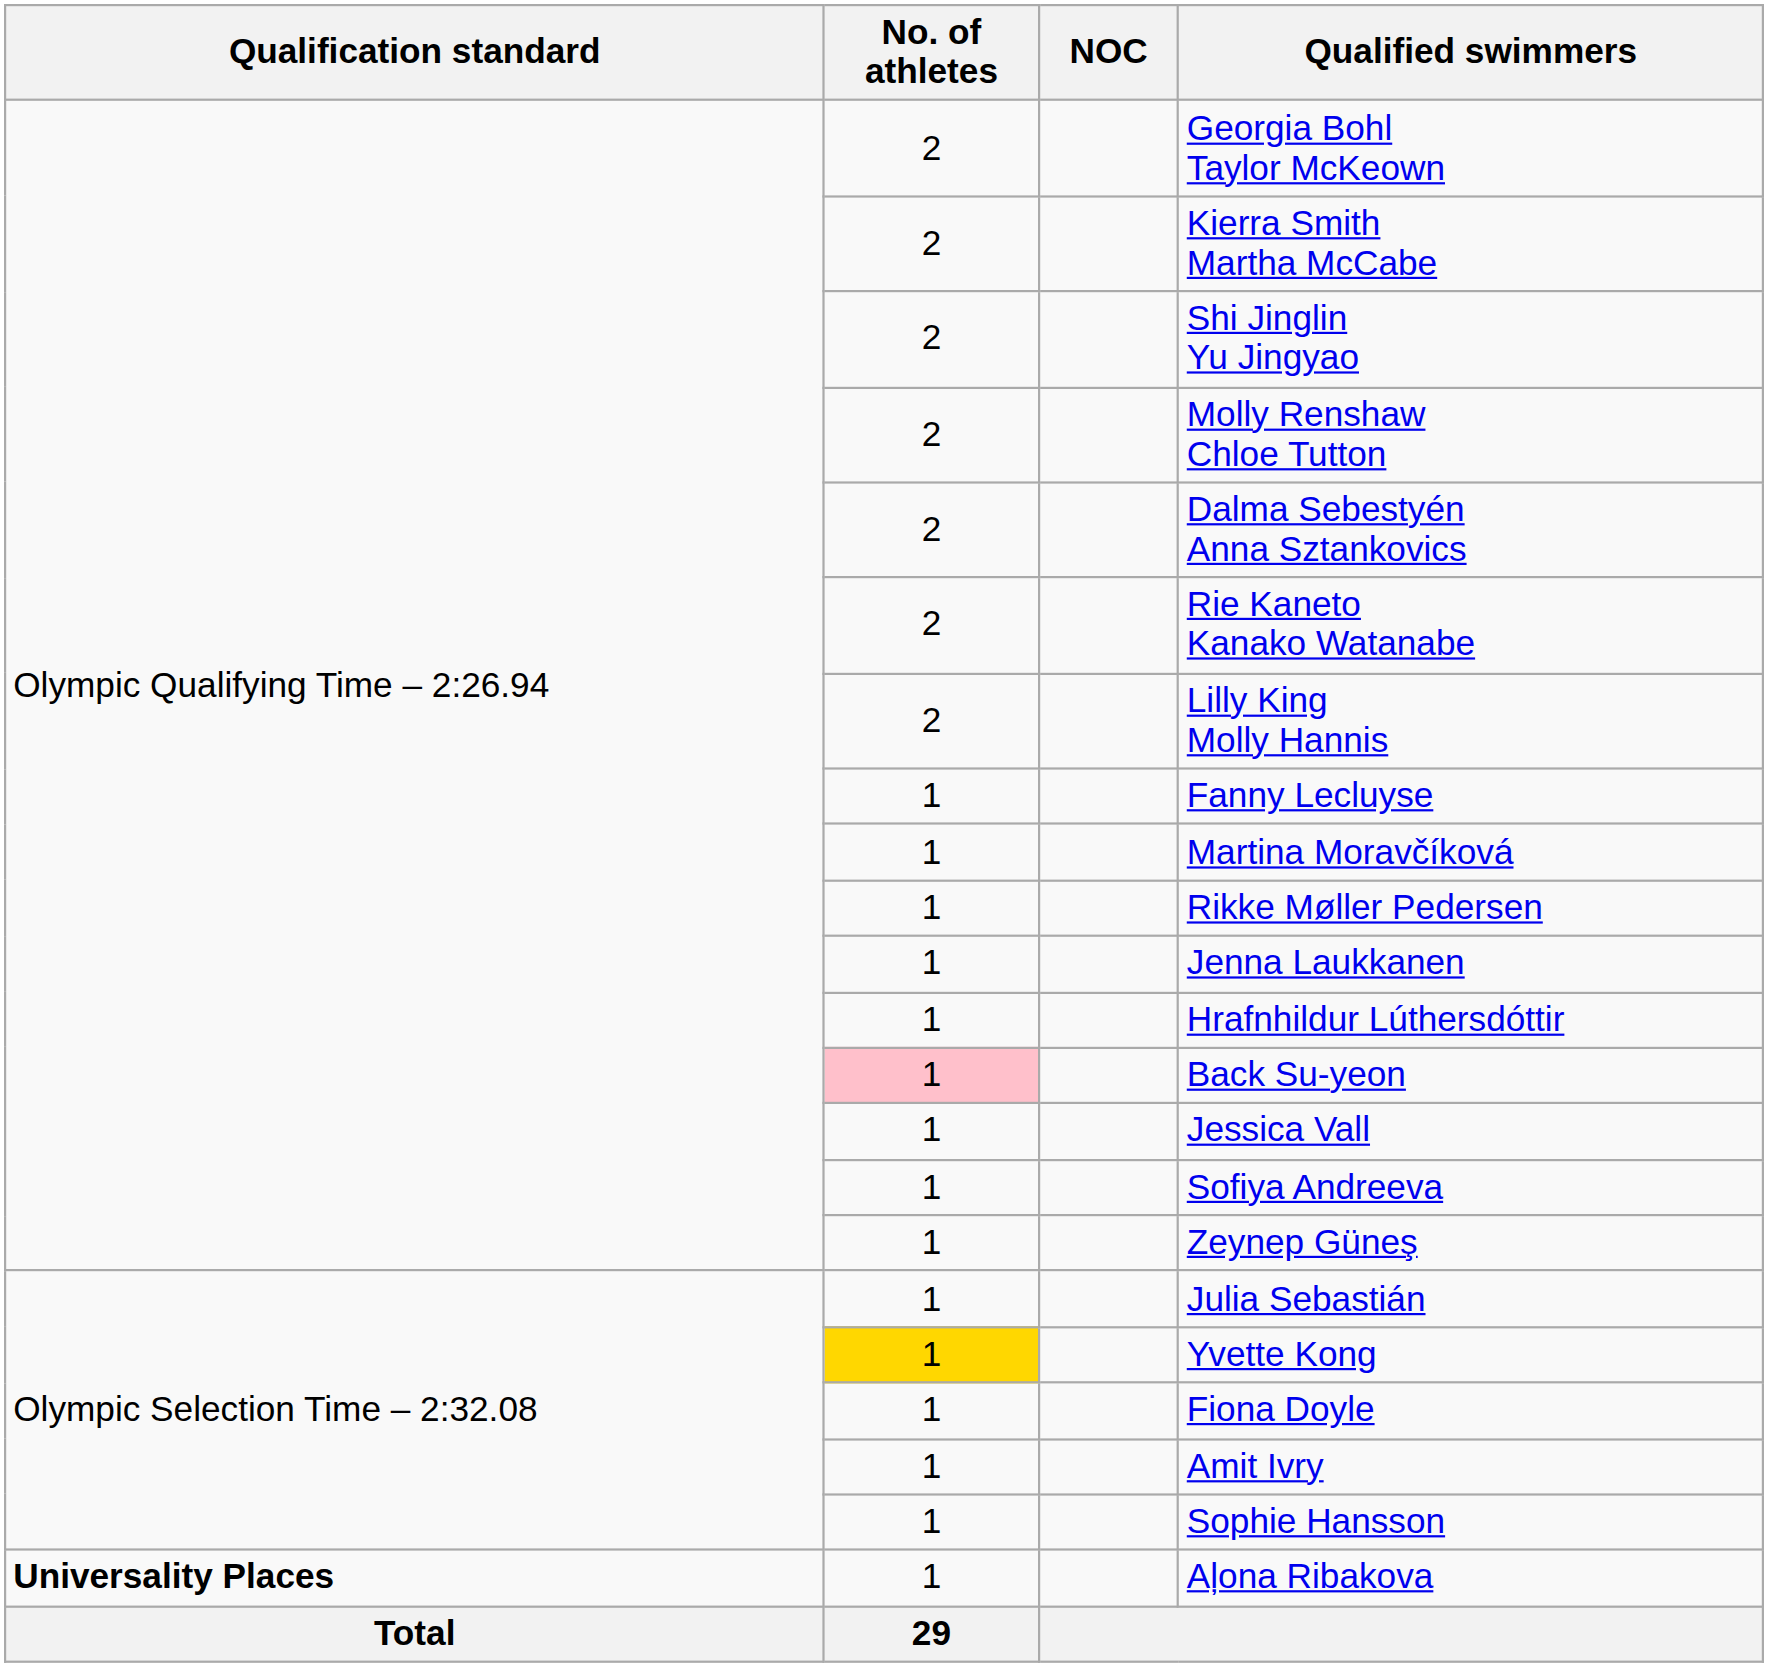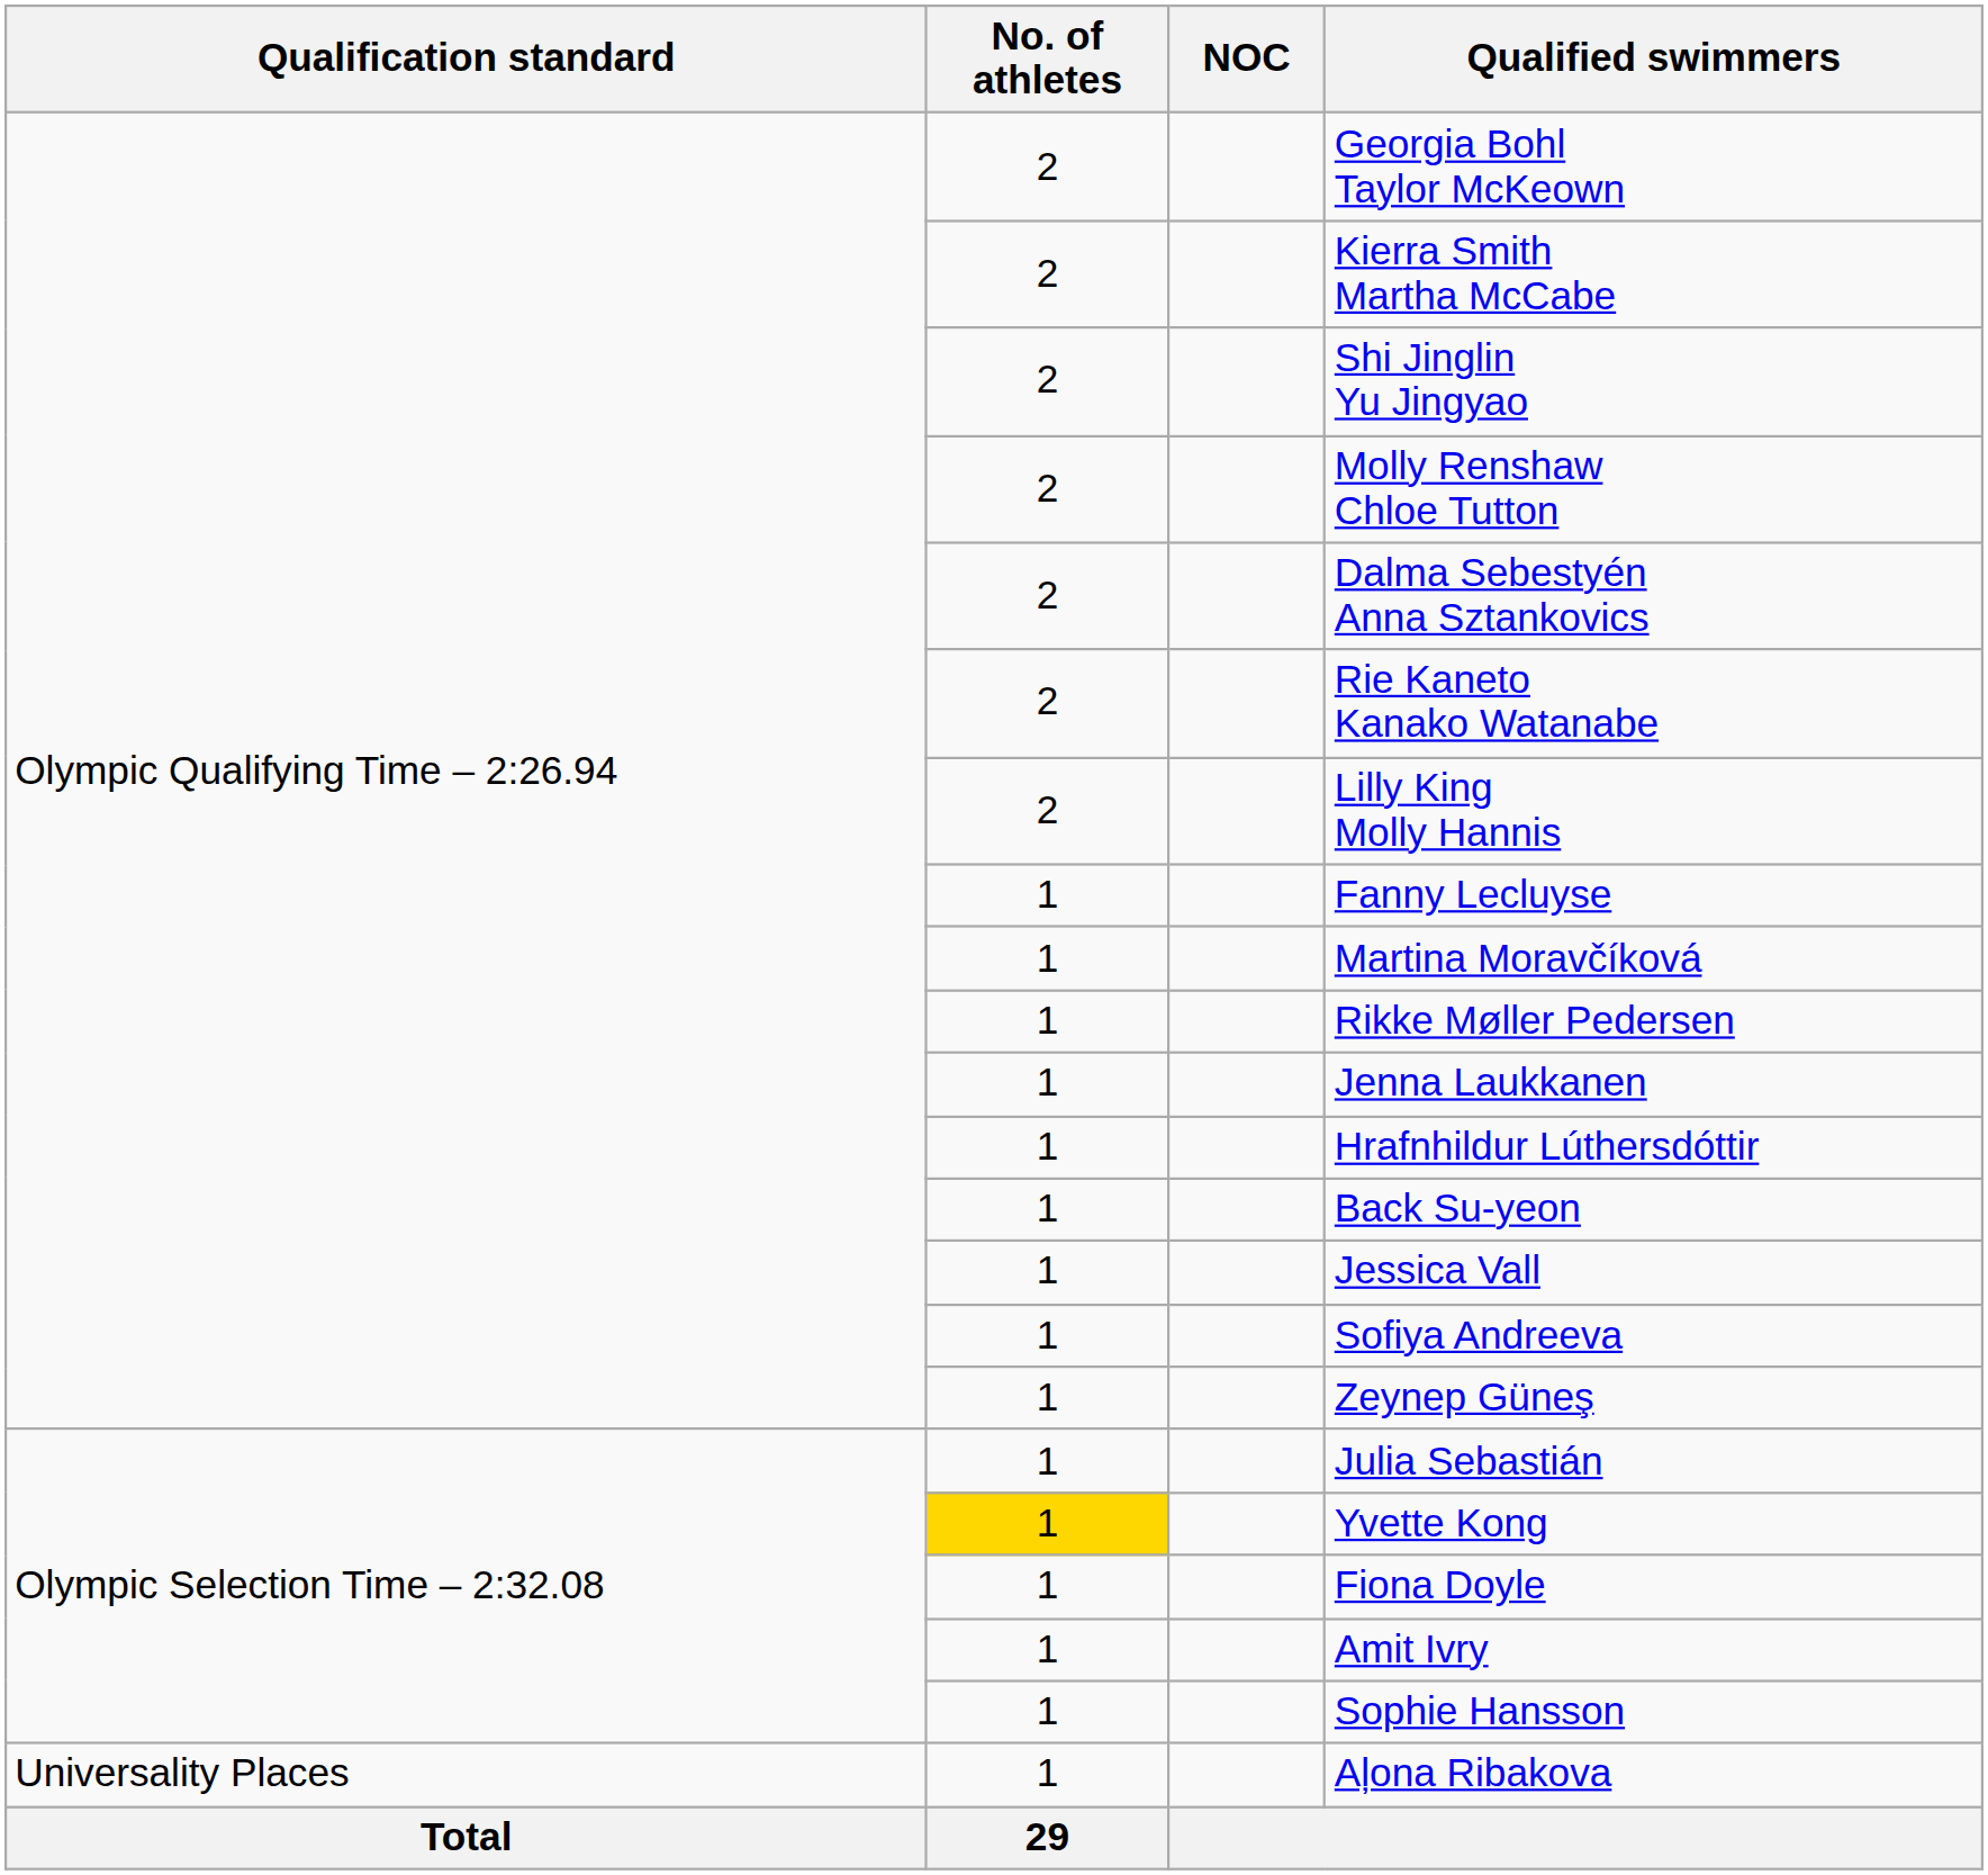 <table class=wikitable style="text-align:left" width=800>
 <tr>
 <th>Qualification standard</th>
 <th width=90>No. of athletes</th>
 <th>NOC</th>
 <th>Qualified swimmers</th>
 </tr>
 <tr>
 <td rowspan=16>Olympic Qualifying Time – 2:26.94</td>
 <td align=center>2</td>
 <td></td>
 <td><a href='#'>Georgia Bohl</a><br><a href='#'>Taylor McKeown</a></td>
 </tr>
 <tr>
 <td align=center>2</td>
 <td></td>
 <td><a href='#'>Kierra Smith</a><br><a href='#'>Martha McCabe</a></td>
 </tr>
 <tr>
 <td align=center>2</td>
 <td></td>
 <td><a href='#'>Shi Jinglin</a><br><a href='#'>Yu Jingyao</a></td>
 </tr>
 <tr>
 <td align=center>2</td>
 <td></td>
 <td><a href='#'>Molly Renshaw</a><br><a href='#'>Chloe Tutton</a></td>
 </tr>
 <tr>
 <td align=center>2</td>
 <td></td>
 <td><a href='#'>Dalma Sebestyén</a><br><a href='#'>Anna Sztankovics</a></td>
 </tr>
 <tr>
 <td align=center>2</td>
 <td></td>
 <td><a href='#'>Rie Kaneto</a><br><a href='#'>Kanako Watanabe</a></td>
 </tr>
 <tr>
 <td align=center>2</td>
 <td></td>
 <td><a href='#'>Lilly King</a><br><a href='#'>Molly Hannis</a></td>
 </tr>
 <tr>
 <td align=center>1</td>
 <td></td>
 <td><a href='#'>Fanny Lecluyse</a></td>
 </tr>
 <tr>
 <td align=center>1</td>
 <td></td>
 <td><a href='#'>Martina Moravčíková</a></td>
 </tr>
 <tr>
 <td align=center>1</td>
 <td></td>
 <td><a href='#'>Rikke Møller Pedersen</a></td>
 </tr>
 <tr>
 <td align=center>1</td>
 <td></td>
 <td><a href='#'>Jenna Laukkanen</a></td>
 </tr>
 <tr>
 <td align=center>1</td>
 <td></td>
 <td><a href='#'>Hrafnhildur Lúthersdóttir</a></td>
 </tr>
 <tr>
-<td align=center style="background: pink;">1</td>
+<td align=center>1</td>
 <td></td>
 <td><a href='#'>Back Su-yeon</a></td>
 </tr>
 <tr>
 <td align=center>1</td>
 <td></td>
 <td><a href='#'>Jessica Vall</a></td>
 </tr>
 <tr>
 <td align=center>1</td>
 <td></td>
 <td><a href='#'>Sofiya Andreeva</a></td>
 </tr>
 <tr>
 <td align=center>1</td>
 <td></td>
 <td><a href='#'>Zeynep Güneş</a></td>
 </tr>
 <tr>
 <td rowspan=5>Olympic Selection Time – 2:32.08</td>
 <td align=center>1</td>
 <td></td>
 <td><a href='#'>Julia Sebastián</a></td>
 </tr>
 <tr>
 <td align=center style="background: gold;">1</td>
 <td></td>
 <td><a href='#'>Yvette Kong</a></td>
 </tr>
 <tr>
 <td align=center>1</td>
 <td></td>
 <td><a href='#'>Fiona Doyle</a></td>
 </tr>
 <tr>
 <td align=center>1</td>
 <td></td>
 <td><a href='#'>Amit Ivry</a></td>
 </tr>
 <tr>
 <td align=center>1</td>
 <td></td>
 <td><a href='#'>Sophie Hansson</a></td>
 </tr>
 <tr>
-<td><strong>Universality Places</strong></td>
+<td>Universality Places</td>
 <td align=center>1</td>
 <td></td>
 <td><a href='#'>Aļona Ribakova</a></td>
 </tr>
 <tr>
 <th><strong>Total</strong></th>
 <th>29</th>
 <th colspan=2></th>
 </tr>
 </table>
